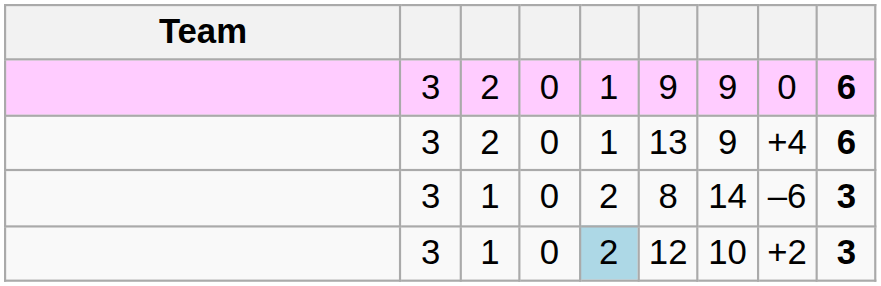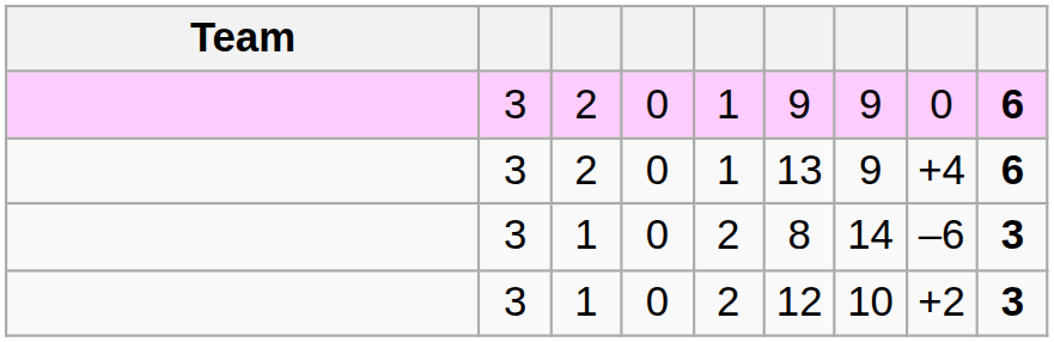 <table class="wikitable" style="text-align: center;">
 <tr>
 <th style="width:175px;">Team</th>
 <th width="20"></th>
 <th width="20"></th>
 <th width="20"></th>
 <th width="20"></th>
 <th width="20"></th>
 <th width="20"></th>
 <th width="20"></th>
 <th width="20"></th>
 </tr>
 <tr style="background:#fcf;">
 <td align=left></td>
 <td>3</td>
 <td>2</td>
 <td>0</td>
 <td>1</td>
 <td>9</td>
 <td>9</td>
 <td>0</td>
 <td><strong>6</strong></td>
 </tr>
 <tr>
 <td align=left></td>
 <td>3</td>
 <td>2</td>
 <td>0</td>
 <td>1</td>
 <td>13</td>
 <td>9</td>
 <td>+4</td>
 <td><strong>6</strong></td>
 </tr>
 <tr>
 <td align=left></td>
 <td>3</td>
 <td>1</td>
 <td>0</td>
 <td>2</td>
 <td>8</td>
 <td>14</td>
 <td>–6</td>
 <td><strong>3</strong></td>
 </tr>
 <tr>
 <td align=left></td>
 <td>3</td>
 <td>1</td>
 <td>0</td>
-<td style="background: lightblue;">2</td>
+<td>2</td>
 <td>12</td>
 <td>10</td>
 <td>+2</td>
 <td><strong>3</strong></td>
 </tr>
 </table>
